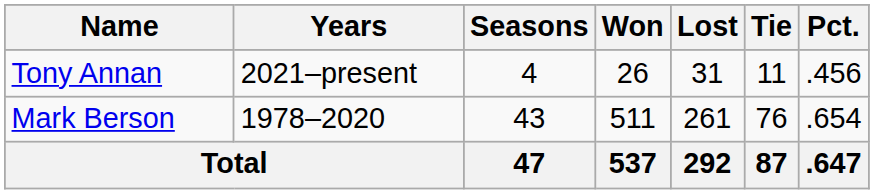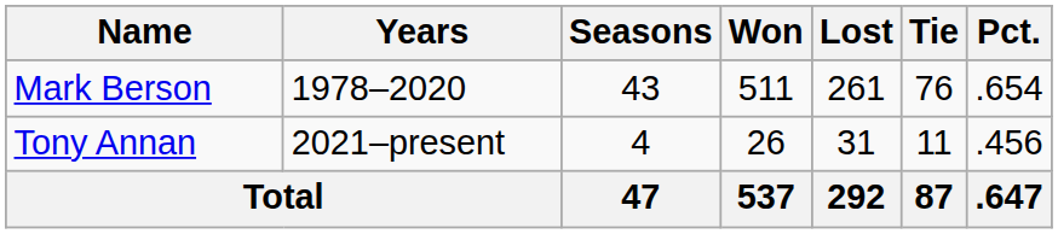 <table class="wikitable sortable"; style= "text-align:center">
 <tr>
 <th width=120px>Name</th>
 <th width=120px>Years</th>
 <th width=px>Seasons</th>
 <th width=px>Won</th>
 <th width=px>Lost</th>
 <th width=px>Tie</th>
 <th width=px>Pct.</th>
 </tr>
 <tr>
+<td align=left><a href='#'>Mark Berson</a></td>
+<td align=left>1978–2020</td>
+<td>43</td>
+<td>511</td>
+<td>261</td>
+<td>76</td>
+<td>.654</td>
+</tr>
+<tr>
 <td align=left><a href='#'>Tony Annan</a></td>
 <td align=left>2021–present</td>
 <td>4</td>
 <td>26</td>
 <td>31</td>
 <td>11</td>
 <td>.456</td>
-</tr>
-<tr>
-<td align=left><a href='#'>Mark Berson</a></td>
-<td align=left>1978–2020</td>
-<td>43</td>
-<td>511</td>
-<td>261</td>
-<td>76</td>
-<td>.654</td>
 </tr>
 <tr class="sortbottom">
 <th colspan="2">Total</th>
 <th>47</th>
 <th>537</th>
 <th>292</th>
 <th>87</th>
 <th>.647</th>
 </tr>
 </table>
